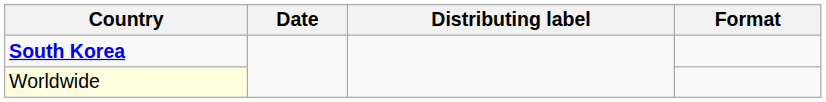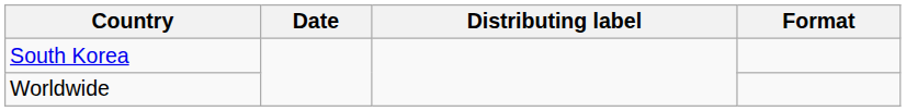 <table class="wikitable" style="width:670px;">
 <tr>
 <th>Country</th>
 <th>Date</th>
 <th>Distributing label</th>
 <th>Format</th>
 </tr>
 <tr>
-<td><strong><a href='#'>South Korea</a></strong></td>
+<td><a href='#'>South Korea</a></td>
 <td rowspan="2"></td>
 <td rowspan="2"></td>
 <td></td>
 </tr>
 <tr>
-<td style="background: lightyellow;">Worldwide</td>
+<td>Worldwide</td>
 <td></td>
 </tr>
 </table>
